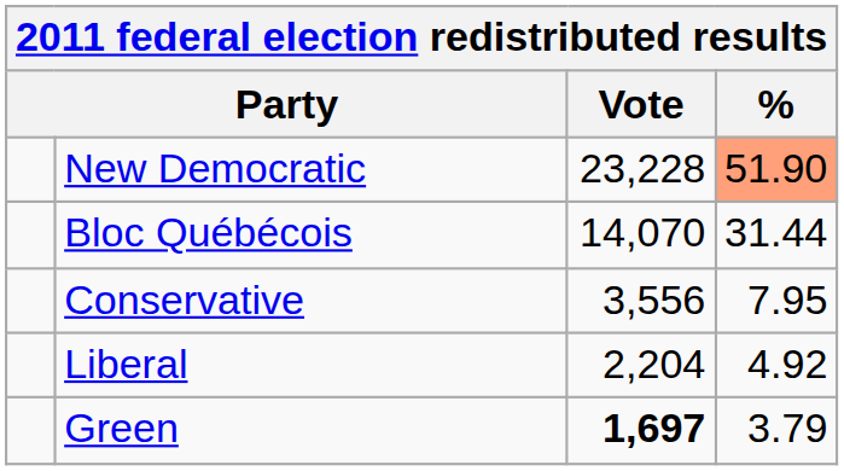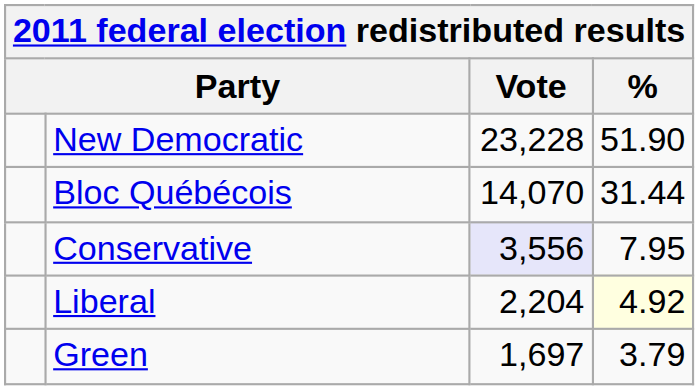 <table class="wikitable">
 <tr>
 <th colspan="4"><a href='#'>2011 federal election</a> redistributed results</th>
 </tr>
 <tr>
 <th bgcolor="#DDDDFF" width="130px" colspan="2">Party</th>
 <th bgcolor="#DDDDFF" width="50px">Vote</th>
 <th bgcolor="#DDDDFF" width="30px">%</th>
 </tr>
 <tr>
 <td> </td>
 <td><a href='#'>New Democratic</a></td>
 <td align=right>23,228</td>
-<td align=right style="background: lightsalmon;">51.90</td>
+<td align=right>51.90</td>
 </tr>
 <tr>
 <td> </td>
 <td><a href='#'>Bloc Québécois</a></td>
 <td align=right>14,070</td>
 <td align=right>31.44</td>
 </tr>
 <tr>
 <td> </td>
 <td><a href='#'>Conservative</a></td>
-<td align=right>3,556</td>
+<td align=right style="background: lavender;">3,556</td>
 <td align=right>7.95</td>
 </tr>
 <tr>
 <td> </td>
 <td><a href='#'>Liberal</a></td>
 <td align=right>2,204</td>
-<td align=right>4.92</td>
+<td align=right style="background: lightyellow;">4.92</td>
 </tr>
 <tr>
 <td> </td>
 <td><a href='#'>Green</a></td>
-<td align=right><strong>1,697</strong></td>
+<td align=right>1,697</td>
 <td align=right>3.79</td>
 </tr>
 </table>
